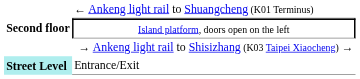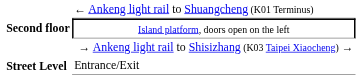 <table cellspacing=0 cellpadding=3>
 <tr>
 <td rowspan="4"><strong>Second floor</strong></td>
 <td colspan="2" style="border-bottom:solid 1px gray;" width="100">←  <a href='#'>Ankeng light rail</a> to <a href='#'>Shuangcheng</a><small> (K01 Terminus)</small></td>
 </tr>
 <tr>
 <td colspan="2" style="border-top:solid 2px black;border-right:solid 2px black;border-left:solid 2px black;border-bottom:solid 1px gray;" align="center"><small><a href='#'>Island platform</a>, doors open on the left</small></td>
 </tr>
 <tr>
 <td></td>
 <td><span>→</span>  <a href='#'>Ankeng light rail</a> to <a href='#'>Shisizhang</a><small> (K03 <a href='#'>Taipei Xiaocheng</a>)</small> →</td>
 </tr>
 <tr>
 <td colspan="2" rowspan="2" style="border-bottom:solid 1px gray;" valign="top">Entrance/Exit</td>
 </tr>
 <tr>
-<td style="background: paleturquoise;"><strong>Street Level</strong></td>
+<td><strong>Street Level</strong></td>
 </tr>
 </table>
